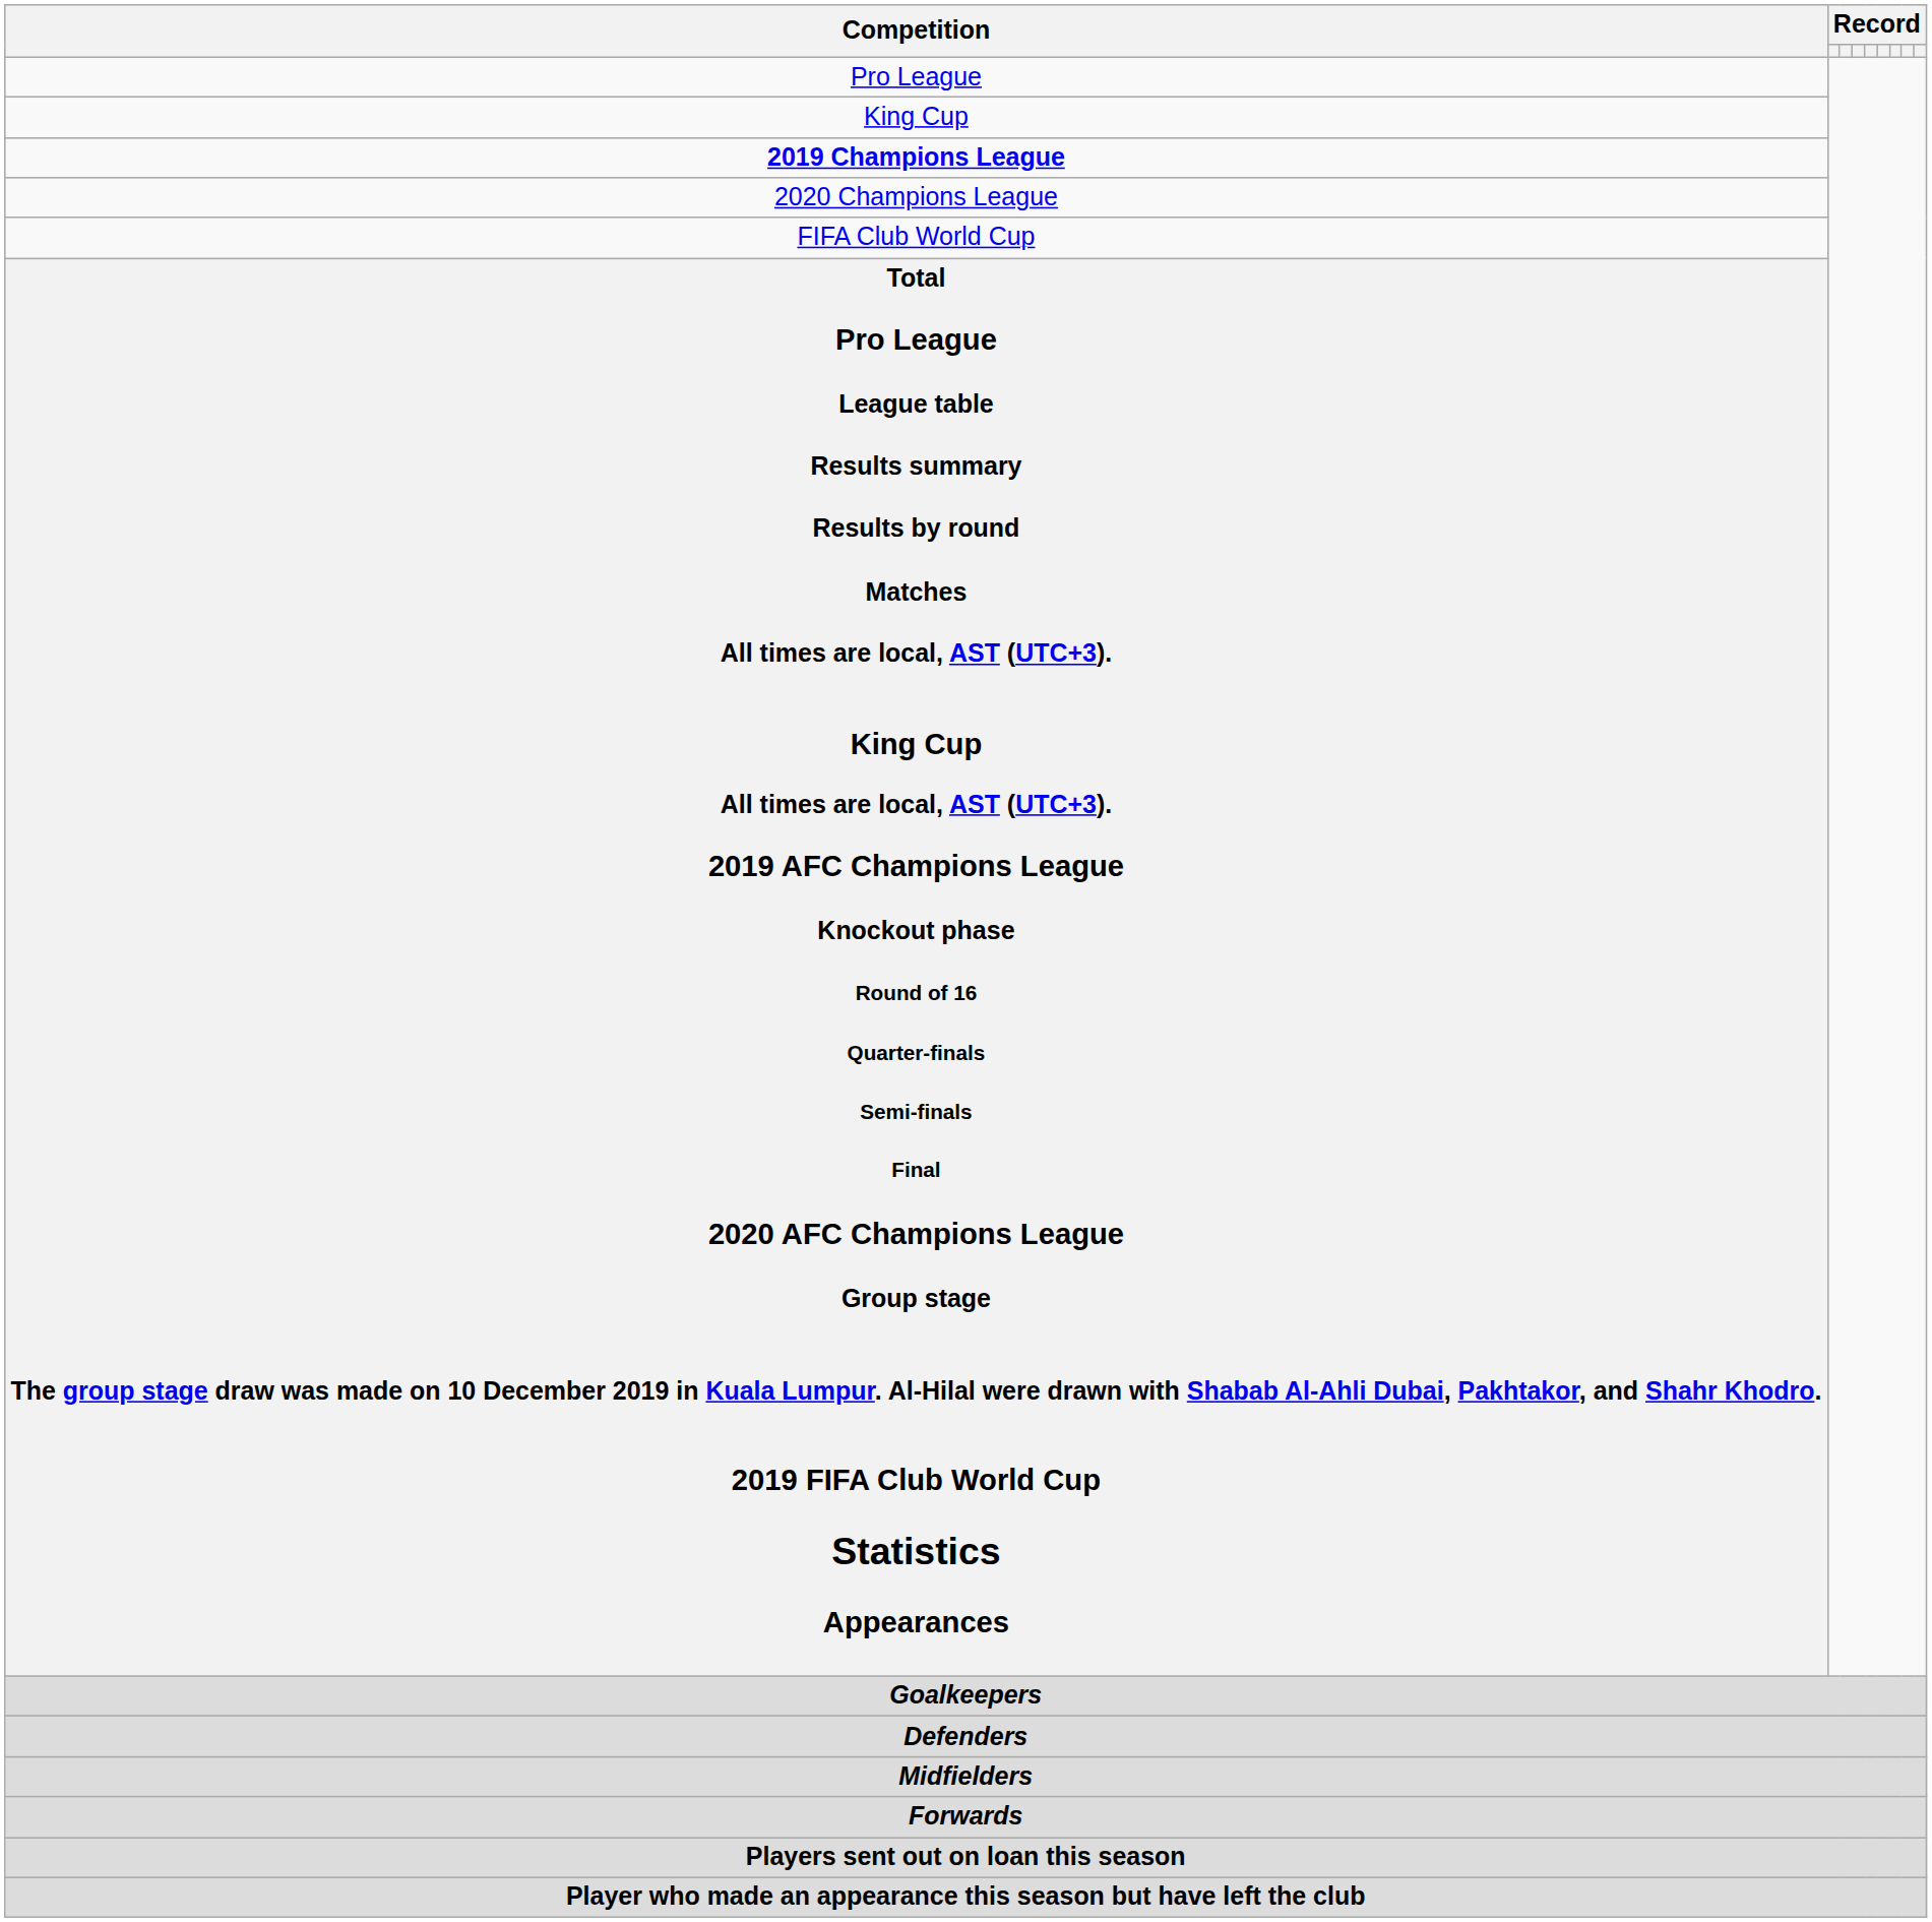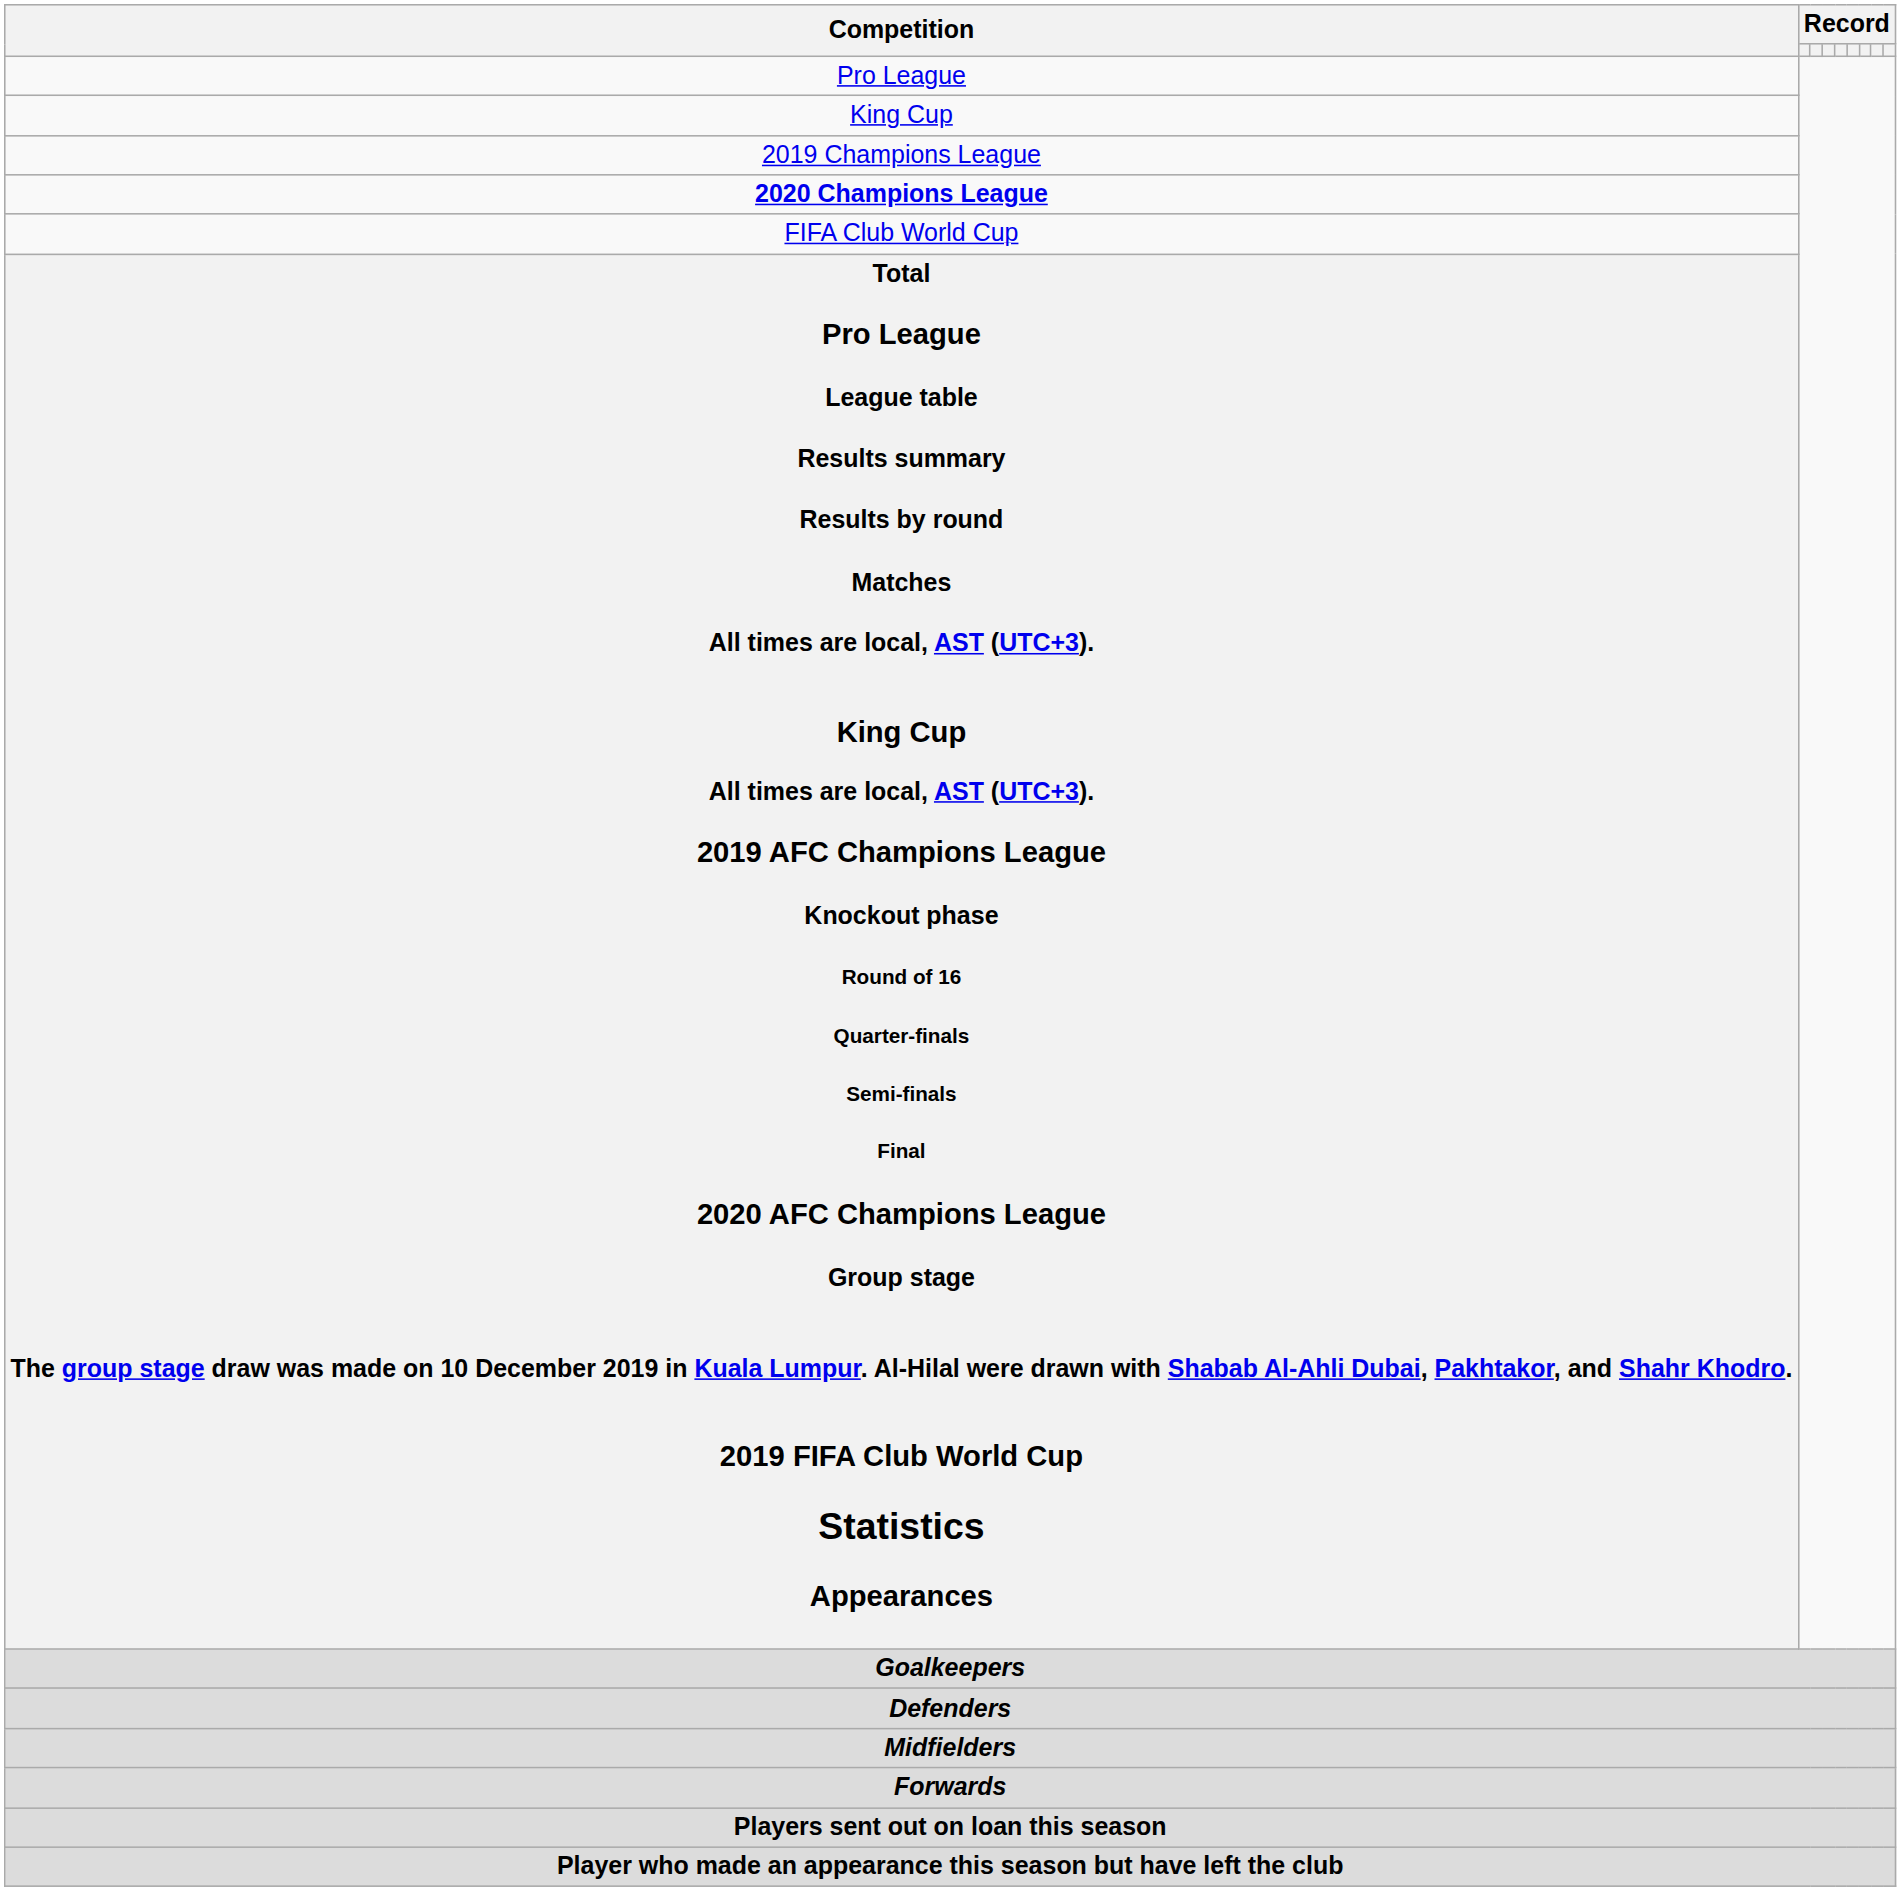 <table class="wikitable" style="text-align: center">
 <tr>
 <th rowspan=2>Competition</th>
 <th colspan=8>Record</th>
 </tr>
 <tr>
 <th></th>
 <th></th>
 <th></th>
 <th></th>
 <th></th>
 <th></th>
 <th></th>
 <th></th>
 </tr>
 <tr>
 <td><a href='#'>Pro League</a><br></td>
 </tr>
 <tr>
 <td><a href='#'>King Cup</a><br></td>
 </tr>
 <tr>
-<td><strong><a href='#'>2019 Champions League</a><br></strong></td>
+<td><a href='#'>2019 Champions League</a><br></td>
 </tr>
 <tr>
-<td><a href='#'>2020 Champions League</a><br></td>
+<td><strong><a href='#'>2020 Champions League</a><br></strong></td>
 </tr>
 <tr>
 <td><a href='#'>FIFA Club World Cup</a><br></td>
 </tr>
 <tr>
 <th>Total<br> <h3>Pro League</h3><h4>League table</h4><h4>Results summary</h4> <h4>Results by round</h4><h4>Matches</h4>All times are local, <a href='#'>AST</a> (<a href='#'>UTC+3</a>).<br>   <br>                              <h3>King Cup</h3> All times are local, <a href='#'>AST</a> (<a href='#'>UTC+3</a>).<br>     <h3>2019 AFC Champions League</h3><h4>Knockout phase</h4><h5>Round of 16</h5> <h5>Quarter-finals</h5> <h5>Semi-finals</h5> <h5>Final</h5>  <h3>2020 AFC Champions League</h3><h4>Group stage</h4><br>The <a href='#'>group stage</a> draw was made on 10 December 2019 in <a href='#'>Kuala Lumpur</a>. Al-Hilal were drawn with <a href='#'>Shabab Al-Ahli Dubai</a>, <a href='#'>Pakhtakor</a>, and <a href='#'>Shahr Khodro</a>. <br>     <br><h3>2019 FIFA Club World Cup</h3>   <h2>Statistics</h2><h3>Appearances</h3></th>
 </tr>
 <tr>
 <th colspan=18 style=background:#dcdcdc; text-align:center><em>Goalkeepers</em><br>    </th>
 </tr>
 <tr>
 <th colspan=18 style=background:#dcdcdc; text-align:center><em>Defenders</em><br>         </th>
 </tr>
 <tr>
 <th colspan=18 style=background:#dcdcdc; text-align:center><em>Midfielders</em><br>           </th>
 </tr>
 <tr>
 <th colspan=18 style=background:#dcdcdc; text-align:center><em>Forwards</em><br>     </th>
 </tr>
 <tr>
 <th colspan=18 style=background:#dcdcdc; text-align:center>Players sent out on loan this season<br> </th>
 </tr>
 <tr>
 <th colspan=18 style=background:#dcdcdc; text-align:center>Player who made an appearance this season but have left the club<br> </th>
 </tr>
 </table>
